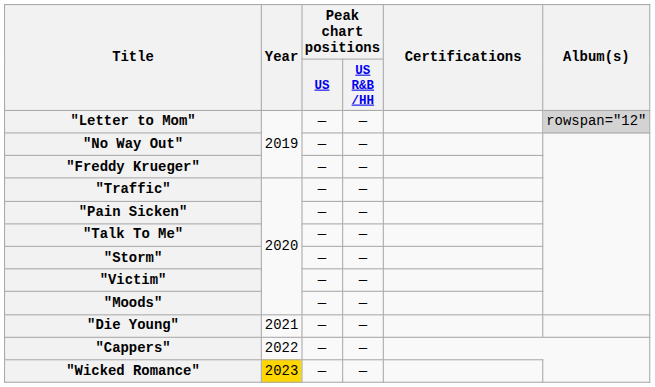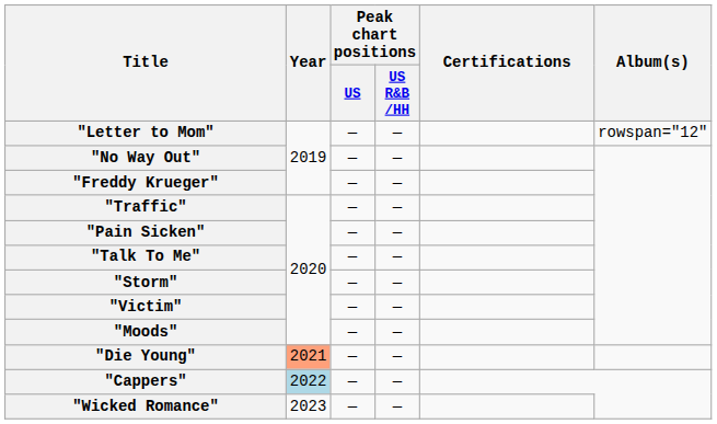 <table class="wikitable plainrowheaders" style="text-align:center;">
 <tr>
 <th scope="col" rowspan="2" style="width:18em;">Title</th>
 <th scope="col" rowspan="2" style="width:1em;">Year</th>
 <th scope="col" colspan="2">Peak chart positions</th>
 <th scope="col" rowspan="2" style="width:11em;">Certifications</th>
 <th scope="col" rowspan="2">Album(s)</th>
 </tr>
 <tr>
 <th scope="col" style="width:2.5em;font-size:90%;"><a href='#'>US</a><br></th>
 <th scope="col" style="width:2.5em;font-size:90%;"><a href='#'>US R&B /HH</a><br></th>
 </tr>
 <tr>
 <th scope="row">"Letter to Mom"</th>
 <td rowspan="3">2019</td>
 <td>—</td>
 <td>—</td>
 <td></td>
-<td style="background: lightgrey;">rowspan="12" </td>
+<td>rowspan="12" </td>
 </tr>
 <tr>
 <th scope="row">"No Way Out"</th>
 <td>—</td>
 <td>—</td>
 <td></td>
 </tr>
 <tr>
 <th scope="row">"Freddy Krueger"</th>
 <td>—</td>
 <td>—</td>
 <td></td>
 </tr>
 <tr>
 <th scope="row">"Traffic"</th>
 <td rowspan="6">2020</td>
 <td>—</td>
 <td>—</td>
 <td></td>
 </tr>
 <tr>
 <th scope="row">"Pain Sicken"</th>
 <td>—</td>
 <td>—</td>
 <td></td>
 </tr>
 <tr>
 <th scope="row">"Talk To Me"</th>
 <td>—</td>
 <td>—</td>
 <td></td>
 </tr>
 <tr>
 <th scope="row">"Storm"</th>
 <td>—</td>
 <td>—</td>
 <td></td>
 </tr>
 <tr>
 <th scope="row">"Victim"</th>
 <td>—</td>
 <td>—</td>
 <td></td>
 </tr>
 <tr>
 <th scope="row">"Moods"</th>
 <td>—</td>
 <td>—</td>
 <td></td>
 </tr>
 <tr>
 <th scope="row">"Die Young"</th>
-<td>2021</td>
+<td style="background: lightsalmon;">2021</td>
 <td>—</td>
 <td>—</td>
 <td></td>
 <td></td>
 </tr>
 <tr>
 <th scope="Row">"Cappers"<br></th>
-<td>2022</td>
+<td style="background: lightblue;">2022</td>
 <td>—</td>
 <td>—</td>
 </tr>
 <tr>
 <th scope="Row">"Wicked Romance"</th>
-<td style="background: gold;">2023</td>
+<td>2023</td>
 <td>—</td>
 <td>—</td>
 <td></td>
 </tr>
 </table>
